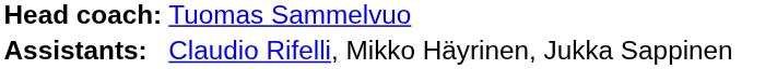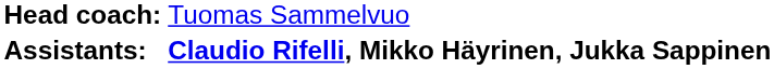 <table>
 <tr>
 <td><strong>Head coach:</strong></td>
 <td><a href='#'>Tuomas Sammelvuo</a></td>
 </tr>
 <tr>
 <td><strong>Assistants:</strong></td>
-<td><a href='#'>Claudio Rifelli</a>, Mikko Häyrinen, Jukka Sappinen</td>
+<td><strong><a href='#'>Claudio Rifelli</a>, Mikko Häyrinen, Jukka Sappinen</strong></td>
 </tr>
 </table>
